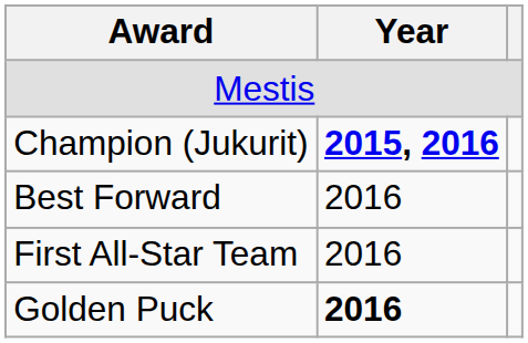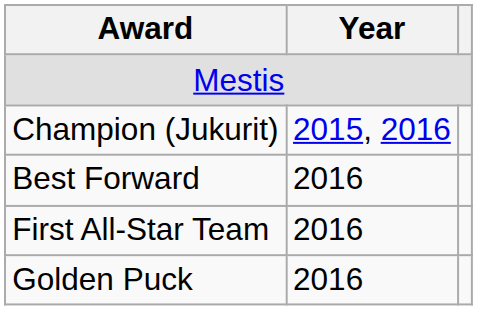 <table class="wikitable">
 <tr>
 <th>Award</th>
 <th>Year</th>
 <th></th>
 </tr>
 <tr ALIGN="center" bgcolor="#e0e0e0">
 <td colspan="3"><a href='#'>Mestis</a></td>
 </tr>
 <tr>
 <td>Champion (Jukurit)</td>
-<td><strong><a href='#'>2015</a>, <a href='#'>2016</a></strong></td>
+<td><a href='#'>2015</a>, <a href='#'>2016</a></td>
 <td></td>
 </tr>
 <tr>
 <td>Best Forward</td>
 <td>2016</td>
 <td></td>
 </tr>
 <tr>
 <td>First All-Star Team</td>
 <td>2016</td>
 <td></td>
 </tr>
 <tr>
 <td>Golden Puck</td>
-<td><strong>2016</strong></td>
+<td>2016</td>
 <td></td>
 </tr>
 </table>
